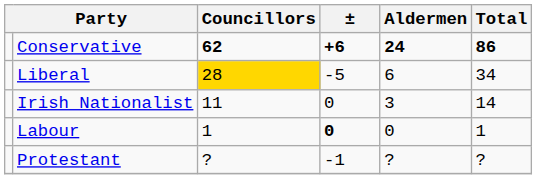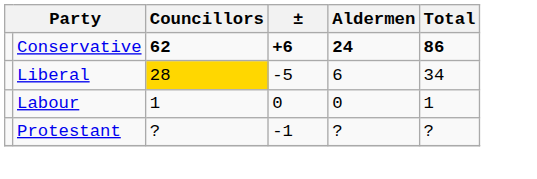 <table class="wikitable">
 <tr>
 <th colspan="2">Party</th>
 <th>Councillors</th>
 <th>  ±  </th>
 <th>Aldermen</th>
 <th>Total</th>
 </tr>
 <tr>
 <td style="background-color: "></td>
 <td><a href='#'>Conservative</a></td>
 <td><strong>62</strong></td>
 <td><strong>+6</strong></td>
 <td><strong>24</strong></td>
 <td><strong>86</strong></td>
 </tr>
 <tr>
 <td style="background-color: "></td>
 <td><a href='#'>Liberal</a></td>
 <td style="background: gold;">28</td>
 <td>-5</td>
 <td>6</td>
 <td>34</td>
 </tr>
 <tr>
 <td style="background-color: "></td>
-<td><a href='#'>Irish Nationalist</a></td>
-<td>11</td>
-<td>0</td>
-<td>3</td>
-<td>14</td>
-</tr>
-<tr>
-<td style="background-color: "></td>
 <td><a href='#'>Labour</a></td>
 <td>1</td>
-<td><strong>0</strong></td>
+<td>0</td>
 <td>0</td>
 <td>1</td>
 </tr>
 <tr>
 <td style="background-color: "></td>
 <td><a href='#'>Protestant</a></td>
 <td>?</td>
 <td>-1</td>
 <td>?</td>
 <td>?</td>
 </tr>
 <tr>
 </tr>
 </table>
